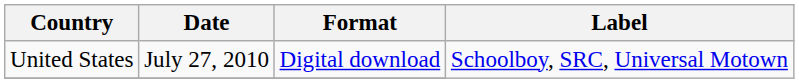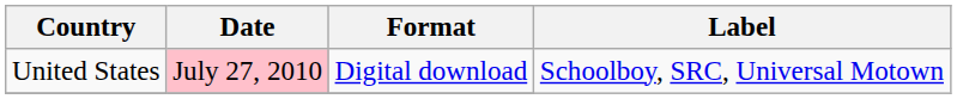 <table class="wikitable">
 <tr>
 <th>Country</th>
 <th>Date</th>
 <th>Format</th>
 <th>Label</th>
 </tr>
 <tr>
 <td rowspan="1">United States</td>
-<td>July 27, 2010</td>
+<td style="background: pink;">July 27, 2010</td>
 <td><a href='#'>Digital download</a></td>
 <td rowspan="2"><a href='#'>Schoolboy</a>, <a href='#'>SRC</a>, <a href='#'>Universal Motown</a></td>
 </tr>
 <tr>
 </tr>
 </table>
